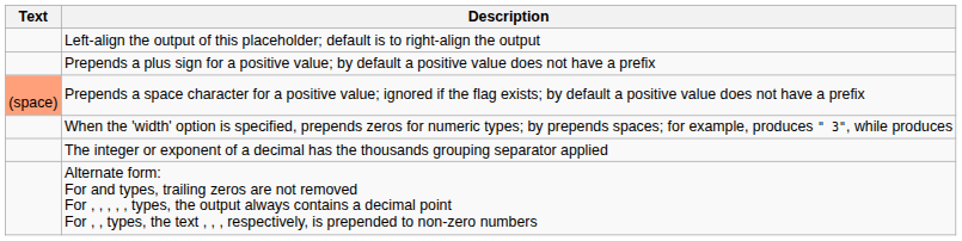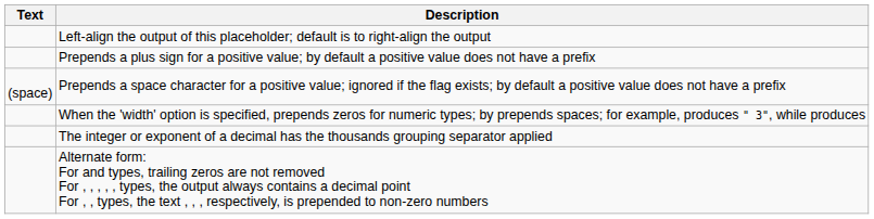 <table class="wikitable col1center">
 <tr>
 <th>Text</th>
 <th>Description</th>
 </tr>
 <tr>
 <td></td>
 <td>Left-align the output of this placeholder; default is to right-align the output</td>
 </tr>
 <tr>
 <td></td>
 <td>Prepends a plus sign for a positive value; by default a positive value does not have a prefix</td>
 </tr>
 <tr>
-<td style="background: lightsalmon;"><code> </code><br>(space)</td>
+<td><code> </code><br>(space)</td>
 <td>Prepends a space character for a positive value; ignored if the  flag exists; by default a positive value does not have a prefix</td>
 </tr>
 <tr>
 <td></td>
 <td>When the 'width' option is specified, prepends zeros for numeric types; by prepends spaces; for example,  produces <samp>"   3"</samp>, while  produces </td>
 </tr>
 <tr>
 <td></td>
 <td>The integer or exponent of a decimal has the thousands grouping separator applied</td>
 </tr>
 <tr>
 <td></td>
 <td>Alternate form:<br> For  and  types, trailing zeros are not removed<br> For , , , , ,  types, the output always contains a decimal point<br> For , ,  types, the text , , , respectively, is prepended to non-zero numbers</td>
 </tr>
 </table>
